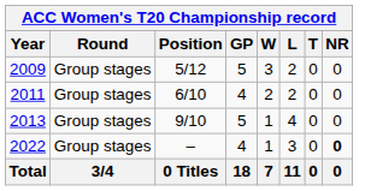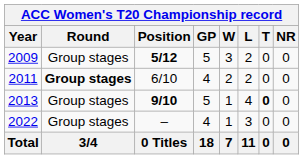 <table class="wikitable" style="text-align: center; width=900px;">
 <tr>
 <th colspan="8"><a href='#'>ACC Women's T20 Championship record</a></th>
 </tr>
 <tr>
 <th>Year</th>
 <th>Round</th>
 <th>Position</th>
 <th>GP</th>
 <th>W</th>
 <th>L</th>
 <th>T</th>
 <th>NR</th>
 </tr>
 <tr>
 <td><a href='#'>2009</a> </td>
 <td>Group stages</td>
-<td>5/12</td>
+<td><strong>5/12</strong></td>
 <td>5</td>
 <td>3</td>
 <td>2</td>
 <td>0</td>
 <td>0</td>
 </tr>
 <tr>
 <td> <a href='#'>2011</a> </td>
-<td>Group stages</td>
+<td><strong>Group stages</strong></td>
 <td>6/10</td>
 <td>4</td>
 <td>2</td>
 <td>2</td>
 <td>0</td>
 <td>0</td>
 </tr>
 <tr>
 <td> <a href='#'>2013</a></td>
 <td>Group stages</td>
-<td>9/10</td>
+<td><strong>9/10</strong></td>
 <td>5</td>
 <td>1</td>
 <td>4</td>
-<td>0</td>
+<td><strong>0</strong></td>
 <td>0</td>
 </tr>
 <tr>
 <td> <a href='#'>2022</a></td>
 <td>Group stages</td>
 <td>–</td>
 <td>4</td>
 <td>1</td>
 <td>3</td>
 <td>0</td>
-<td><strong>0</strong></td>
+<td>0</td>
 </tr>
 <tr>
 <th>Total</th>
 <th>3/4</th>
 <th>0 Titles</th>
 <th>18</th>
 <th>7</th>
 <th>11</th>
 <th>0</th>
 <th>0</th>
 </tr>
 </table>
